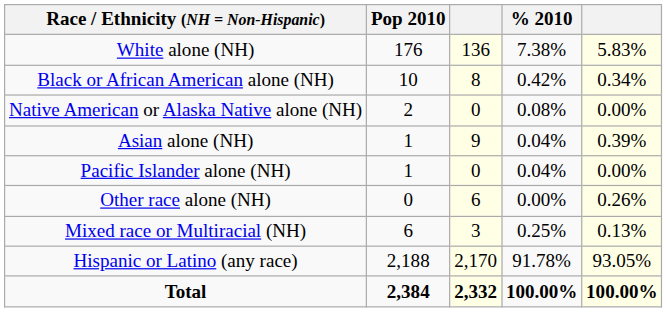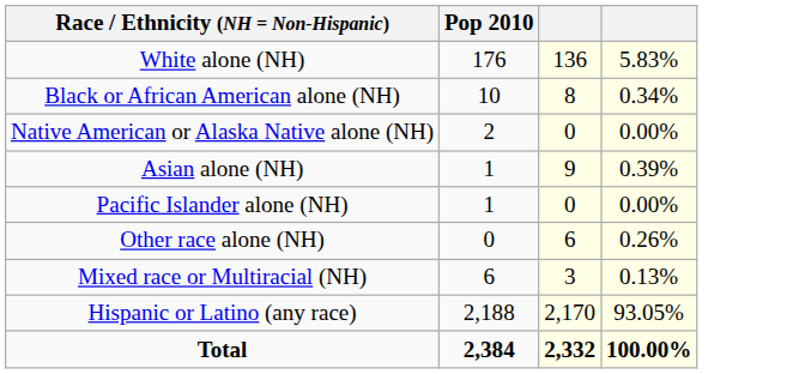 <table class="wikitable" style="text-align:center;">
 <tr>
 <th>Race / Ethnicity <small>(<em>NH = Non-Hispanic</em>)</small></th>
 <th>Pop 2010</th>
 <th></th>
-<th>% 2010</th>
 <th></th>
 </tr>
 <tr>
 <td><a href='#'>White</a> alone (NH)</td>
 <td>176</td>
 <td style='background: #ffffe6;'>136</td>
-<td>7.38%</td>
 <td style='background: #ffffe6;'>5.83%</td>
 </tr>
 <tr>
 <td><a href='#'>Black or African American</a> alone (NH)</td>
 <td>10</td>
 <td style='background: #ffffe6;'>8</td>
-<td>0.42%</td>
 <td style='background: #ffffe6;'>0.34%</td>
 </tr>
 <tr>
 <td><a href='#'>Native American</a> or <a href='#'>Alaska Native</a> alone (NH)</td>
 <td>2</td>
 <td style='background: #ffffe6;'>0</td>
-<td>0.08%</td>
 <td style='background: #ffffe6;'>0.00%</td>
 </tr>
 <tr>
 <td><a href='#'>Asian</a> alone (NH)</td>
 <td>1</td>
 <td style='background: #ffffe6;'>9</td>
-<td>0.04%</td>
 <td style='background: #ffffe6;'>0.39%</td>
 </tr>
 <tr>
 <td><a href='#'>Pacific Islander</a> alone (NH)</td>
 <td>1</td>
 <td style='background: #ffffe6;'>0</td>
-<td>0.04%</td>
 <td style='background: #ffffe6;'>0.00%</td>
 </tr>
 <tr>
 <td><a href='#'>Other race</a> alone (NH)</td>
 <td>0</td>
 <td style='background: #ffffe6;'>6</td>
-<td>0.00%</td>
 <td style='background: #ffffe6;'>0.26%</td>
 </tr>
 <tr>
 <td><a href='#'>Mixed race or Multiracial</a> (NH)</td>
 <td>6</td>
 <td style='background: #ffffe6;'>3</td>
-<td>0.25%</td>
 <td style='background: #ffffe6;'>0.13%</td>
 </tr>
 <tr>
 <td><a href='#'>Hispanic or Latino</a> (any race)</td>
 <td>2,188</td>
 <td style='background: #ffffe6;'>2,170</td>
-<td>91.78%</td>
 <td style='background: #ffffe6;'>93.05%</td>
 </tr>
 <tr>
 <td><strong>Total</strong></td>
 <td><strong>2,384</strong></td>
 <td style='background: #ffffe6;'><strong>2,332</strong></td>
-<td><strong>100.00%</strong></td>
 <td style='background: #ffffe6;'><strong>100.00%</strong></td>
 </tr>
 </table>
